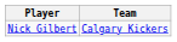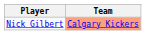 <table class="wikitable">
 <tr>
 <th>Player</th>
 <th>Team</th>
 </tr>
 <tr>
 <td>  <a href='#'>Nick Gilbert</a></td>
-<td><a href='#'>Calgary Kickers</a></td>
+<td style="background: lightsalmon;"><a href='#'>Calgary Kickers</a></td>
 </tr>
 </table>
